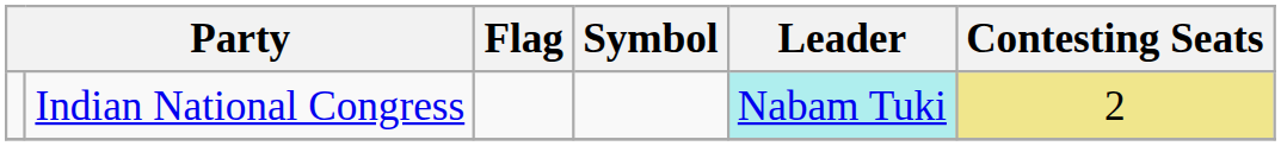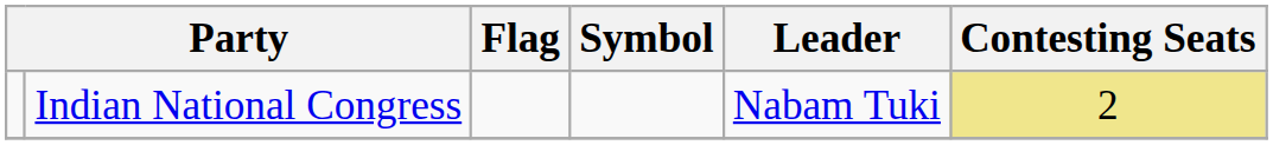 <table class="wikitable" style="text-align:center">
 <tr>
 <th colspan="2">Party</th>
 <th>Flag</th>
 <th>Symbol</th>
 <th>Leader</th>
 <th>Contesting Seats</th>
 </tr>
 <tr>
 <td></td>
 <td><a href='#'>Indian National Congress</a></td>
 <td></td>
 <td></td>
-<td style="background: paleturquoise;"><a href='#'>Nabam Tuki</a></td>
+<td><a href='#'>Nabam Tuki</a></td>
 <td style="background: khaki;">2</td>
 </tr>
 <tr>
 </tr>
 </table>
